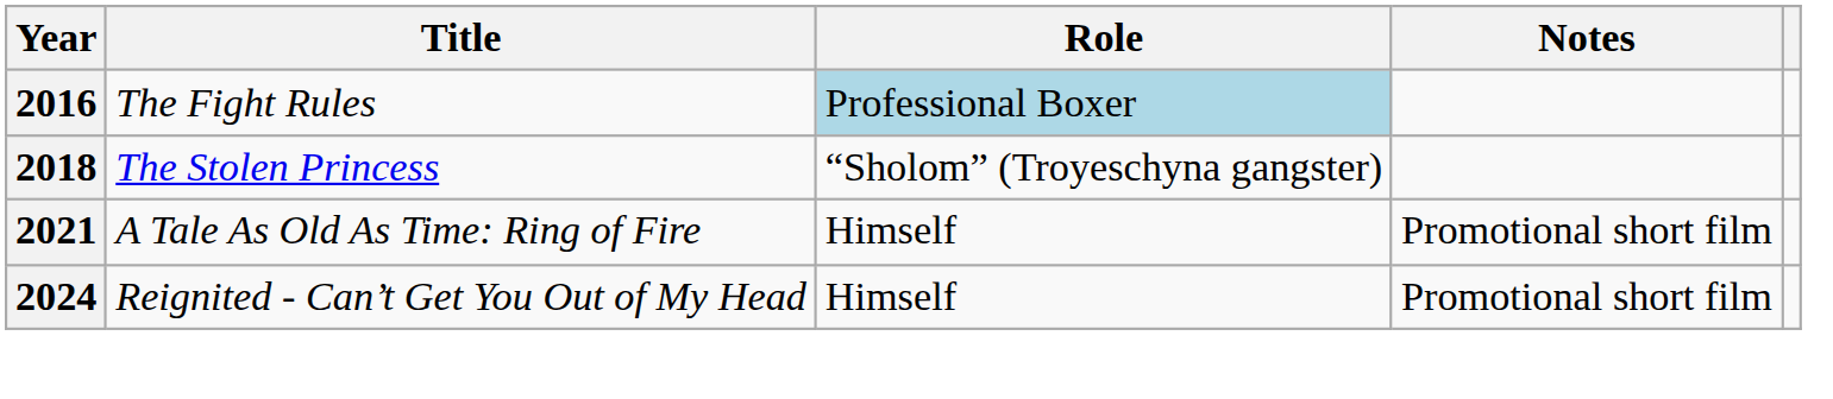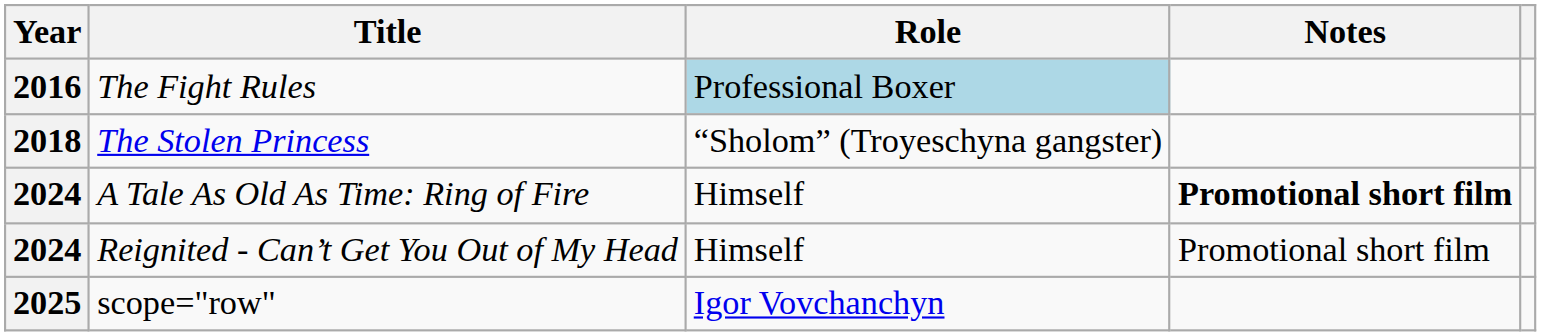 <table class="wikitable sortable plainrowheaders">
 <tr>
 <th scope="col">Year</th>
 <th scope="col">Title</th>
 <th scope="col">Role</th>
 <th scope="col" class="unsortable">Notes</th>
 <th scope="col" class="unsortable"></th>
 </tr>
 <tr>
 <th scope="row">2016</th>
 <td scope="row"><em>The Fight Rules</em></td>
 <td style="background: lightblue;">Professional Boxer</td>
 <td scope="row"></td>
 <td style="text-align:center;"></td>
 </tr>
 <tr>
 <th scope="row">2018</th>
 <td scope="row"><em><a href='#'>The Stolen Princess</a></em></td>
 <td>“Sholom” (Troyeschyna gangster)</td>
 <td scope="row"></td>
 <td style="text-align:center;"></td>
 </tr>
 <tr>
-<th scope="row">2021</th>
+<th scope="row">2024</th>
 <td scope="row"><em>A Tale As Old As Time: Ring of Fire</em></td>
 <td>Himself</td>
-<td scope="row">Promotional short film</td>
+<td scope="row"><strong>Promotional short film</strong></td>
 <td style="text-align:center;"></td>
 </tr>
 <tr>
 <th scope="row">2024</th>
 <td scope="row"><em>Reignited - Can’t Get You Out of My Head</em></td>
 <td>Himself</td>
 <td scope="row">Promotional short film</td>
 <td style="text-align:center;"></td>
 </tr>
+<tr>
+<th scope="row">2025</th>
+<td>scope="row" </td>
+<td><a href='#'>Igor Vovchanchyn</a></td>
+<td scope="row"></td>
+<td style="text-align:center;"></td>
+</tr>
 </table>
